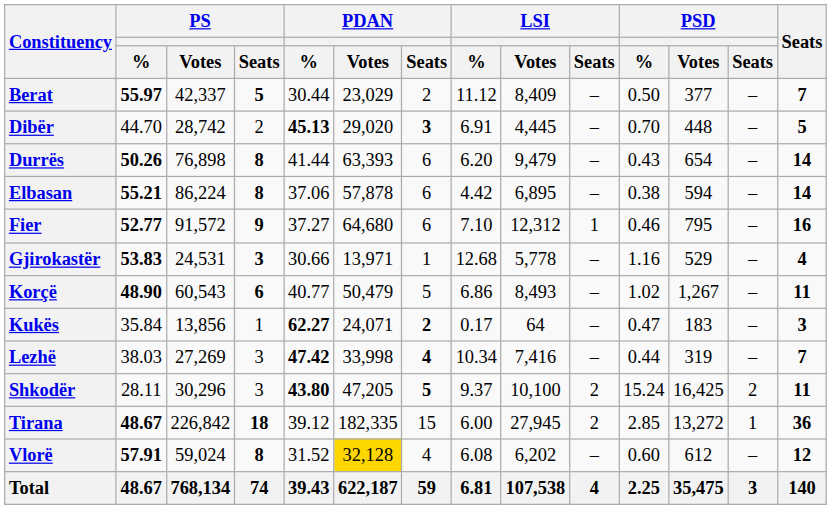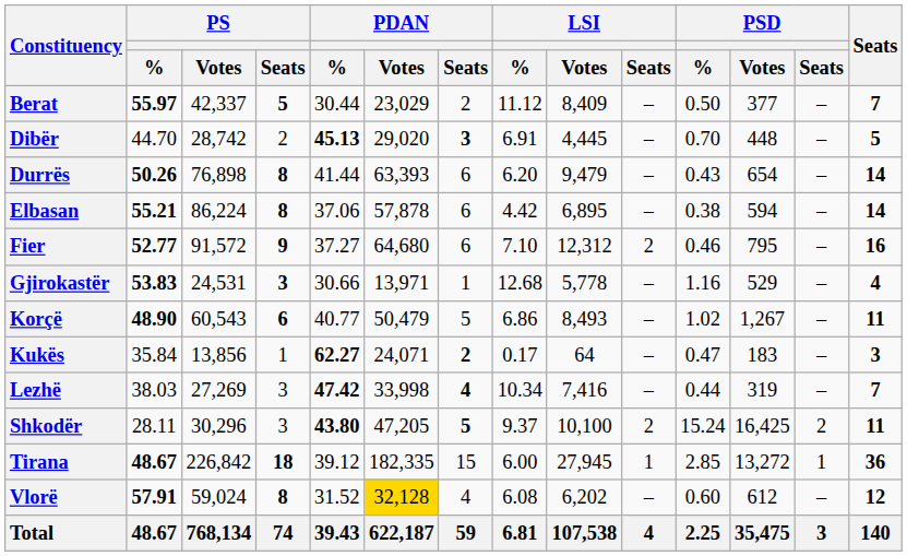 <table class="wikitable sortable" style="text-align:center; font-size:95%; line-height:20px">
 <tr>
 <th rowspan="3"><a href='#'>Constituency</a></th>
 <th colspan="3" width="30px" class="unsortable"><a href='#'>PS</a></th>
 <th colspan="3" width="30px" class="unsortable"><a href='#'>PDAN</a></th>
 <th colspan="3" width="30px" class="unsortable"><a href='#'>LSI</a></th>
 <th colspan="3" width="30px" class="unsortable"><a href='#'>PSD</a></th>
 <th rowspan="3">Seats</th>
 </tr>
 <tr>
 <th colspan="3" style="background:"></th>
 <th colspan="3" style="background:"></th>
 <th colspan="3" style="background:"></th>
 <th colspan="3" style="background:"></th>
 </tr>
 <tr>
 <th data-sort-type="number">%</th>
 <th data-sort-type="number">Votes</th>
 <th data-sort-type="number">Seats</th>
 <th data-sort-type="number">%</th>
 <th data-sort-type="number">Votes</th>
 <th data-sort-type="number">Seats</th>
 <th data-sort-type="number">%</th>
 <th data-sort-type="number">Votes</th>
 <th data-sort-type="number">Seats</th>
 <th data-sort-type="number">%</th>
 <th data-sort-type="number">Votes</th>
 <th data-sort-type="number">Seats</th>
 </tr>
 <tr>
 <th style="text-align: left;"><a href='#'>Berat</a></th>
 <td><strong>55.97</strong></td>
 <td>42,337</td>
 <td><strong>5</strong></td>
 <td>30.44</td>
 <td>23,029</td>
 <td>2</td>
 <td>11.12</td>
 <td>8,409</td>
 <td>–</td>
 <td>0.50</td>
 <td>377</td>
 <td>–</td>
 <td><strong>7</strong></td>
 </tr>
 <tr>
 <th style="text-align: left;"><a href='#'>Dibër</a></th>
 <td>44.70</td>
 <td>28,742</td>
 <td>2</td>
 <td><strong>45.13</strong></td>
 <td>29,020</td>
 <td><strong>3</strong></td>
 <td>6.91</td>
 <td>4,445</td>
 <td>–</td>
 <td>0.70</td>
 <td>448</td>
 <td>–</td>
 <td><strong>5</strong></td>
 </tr>
 <tr>
 <th style="text-align: left;"><a href='#'>Durrës</a></th>
 <td><strong>50.26</strong></td>
 <td>76,898</td>
 <td><strong>8</strong></td>
 <td>41.44</td>
 <td>63,393</td>
 <td>6</td>
 <td>6.20</td>
 <td>9,479</td>
 <td>–</td>
 <td>0.43</td>
 <td>654</td>
 <td>–</td>
 <td><strong>14</strong></td>
 </tr>
 <tr>
 <th style="text-align: left;"><a href='#'>Elbasan</a></th>
 <td><strong>55.21</strong></td>
 <td>86,224</td>
 <td><strong>8</strong></td>
 <td>37.06</td>
 <td>57,878</td>
 <td>6</td>
 <td>4.42</td>
 <td>6,895</td>
 <td>–</td>
 <td>0.38</td>
 <td>594</td>
 <td>–</td>
 <td><strong>14</strong></td>
 </tr>
 <tr>
 <th style="text-align: left;"><a href='#'>Fier</a></th>
 <td><strong>52.77</strong></td>
 <td>91,572</td>
 <td><strong>9</strong></td>
 <td>37.27</td>
 <td>64,680</td>
 <td>6</td>
 <td>7.10</td>
 <td>12,312</td>
-<td>1</td>
+<td>2</td>
 <td>0.46</td>
 <td>795</td>
 <td>–</td>
 <td><strong>16</strong></td>
 </tr>
 <tr>
 <th style="text-align: left;"><a href='#'>Gjirokastër</a></th>
 <td><strong>53.83</strong></td>
 <td>24,531</td>
 <td><strong>3</strong></td>
 <td>30.66</td>
 <td>13,971</td>
 <td>1</td>
 <td>12.68</td>
 <td>5,778</td>
 <td>–</td>
 <td>1.16</td>
 <td>529</td>
 <td>–</td>
 <td><strong>4</strong></td>
 </tr>
 <tr>
 <th style="text-align: left;"><a href='#'>Korçë</a></th>
 <td><strong>48.90</strong></td>
 <td>60,543</td>
 <td><strong>6</strong></td>
 <td>40.77</td>
 <td>50,479</td>
 <td>5</td>
 <td>6.86</td>
 <td>8,493</td>
 <td>–</td>
 <td>1.02</td>
 <td>1,267</td>
 <td>–</td>
 <td><strong>11</strong></td>
 </tr>
 <tr>
 <th style="text-align: left;"><a href='#'>Kukës</a></th>
 <td>35.84</td>
 <td>13,856</td>
 <td>1</td>
 <td><strong>62.27</strong></td>
 <td>24,071</td>
 <td><strong>2</strong></td>
 <td>0.17</td>
 <td>64</td>
 <td>–</td>
 <td>0.47</td>
 <td>183</td>
 <td>–</td>
 <td><strong>3</strong></td>
 </tr>
 <tr>
 <th style="text-align: left;"><a href='#'>Lezhë</a></th>
 <td>38.03</td>
 <td>27,269</td>
 <td>3</td>
 <td><strong>47.42</strong></td>
 <td>33,998</td>
 <td><strong>4</strong></td>
 <td>10.34</td>
 <td>7,416</td>
 <td>–</td>
 <td>0.44</td>
 <td>319</td>
 <td>–</td>
 <td><strong>7</strong></td>
 </tr>
 <tr>
 <th style="text-align: left;"><a href='#'>Shkodër</a></th>
 <td>28.11</td>
 <td>30,296</td>
 <td>3</td>
 <td><strong>43.80</strong></td>
 <td>47,205</td>
 <td><strong>5</strong></td>
 <td>9.37</td>
 <td>10,100</td>
 <td>2</td>
 <td>15.24</td>
 <td>16,425</td>
 <td>2</td>
 <td><strong>11</strong></td>
 </tr>
 <tr>
 <th style="text-align: left;"><a href='#'>Tirana</a></th>
 <td><strong>48.67</strong></td>
 <td>226,842</td>
 <td><strong>18</strong></td>
 <td>39.12</td>
 <td>182,335</td>
 <td>15</td>
 <td>6.00</td>
 <td>27,945</td>
-<td>2</td>
+<td>1</td>
 <td>2.85</td>
 <td>13,272</td>
 <td>1</td>
 <td><strong>36</strong></td>
 </tr>
 <tr>
 <th style="text-align: left;"><a href='#'>Vlorë</a></th>
 <td><strong>57.91</strong></td>
 <td>59,024</td>
 <td><strong>8</strong></td>
 <td>31.52</td>
 <td style="background: gold;">32,128</td>
 <td>4</td>
 <td>6.08</td>
 <td>6,202</td>
 <td>–</td>
 <td>0.60</td>
 <td>612</td>
 <td>–</td>
 <td><strong>12</strong></td>
 </tr>
 <tr class="sortbottom">
 <th style="text-align: left;">Total</th>
 <th>48.67</th>
 <th>768,134</th>
 <th>74</th>
 <th>39.43</th>
 <th>622,187</th>
 <th>59</th>
 <th>6.81</th>
 <th>107,538</th>
 <th>4</th>
 <th>2.25</th>
 <th>35,475</th>
 <th>3</th>
 <th>140</th>
 </tr>
 </table>
